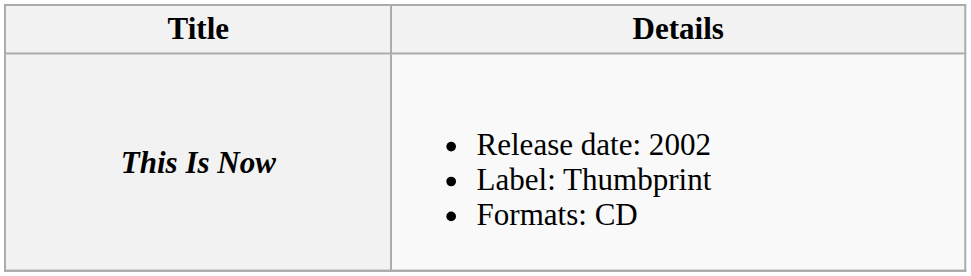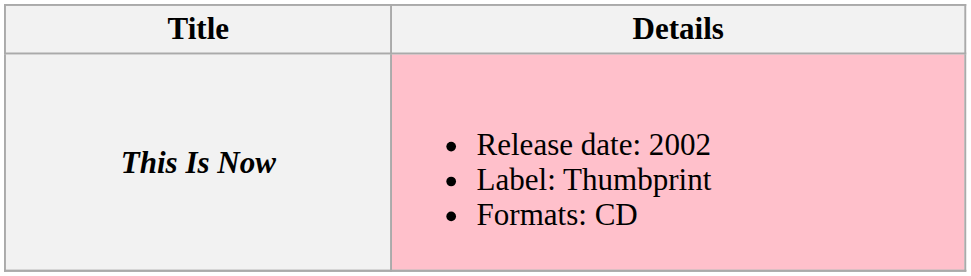 <table class="wikitable plainrowheaders">
 <tr>
 <th style="width:12em;">Title</th>
 <th style="width:18em;">Details</th>
 </tr>
 <tr>
 <th scope="row"><em>This Is Now</em></th>
-<td><br><ul><li>Release date: 2002</li><li>Label: Thumbprint</li><li>Formats: CD</li></ul></td>
+<td style="background: pink;"><br><ul><li>Release date: 2002</li><li>Label: Thumbprint</li><li>Formats: CD</li></ul></td>
 </tr>
 <tr>
 </tr>
 </table>
